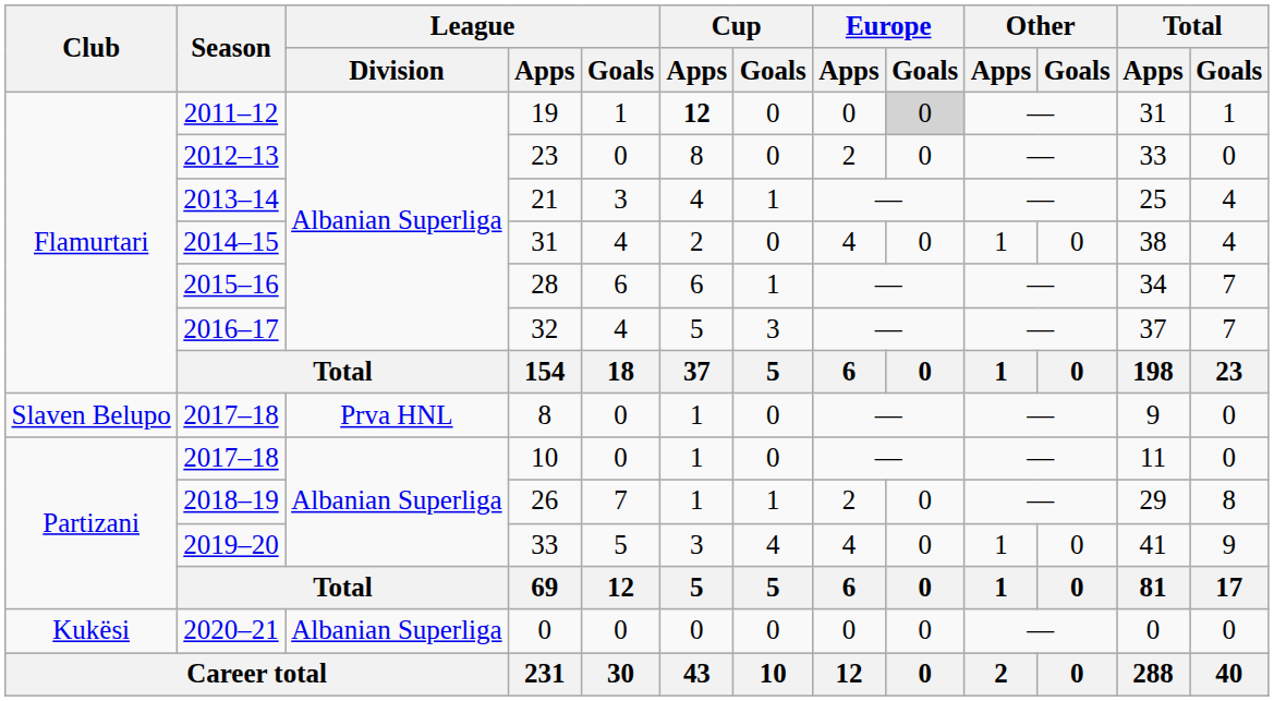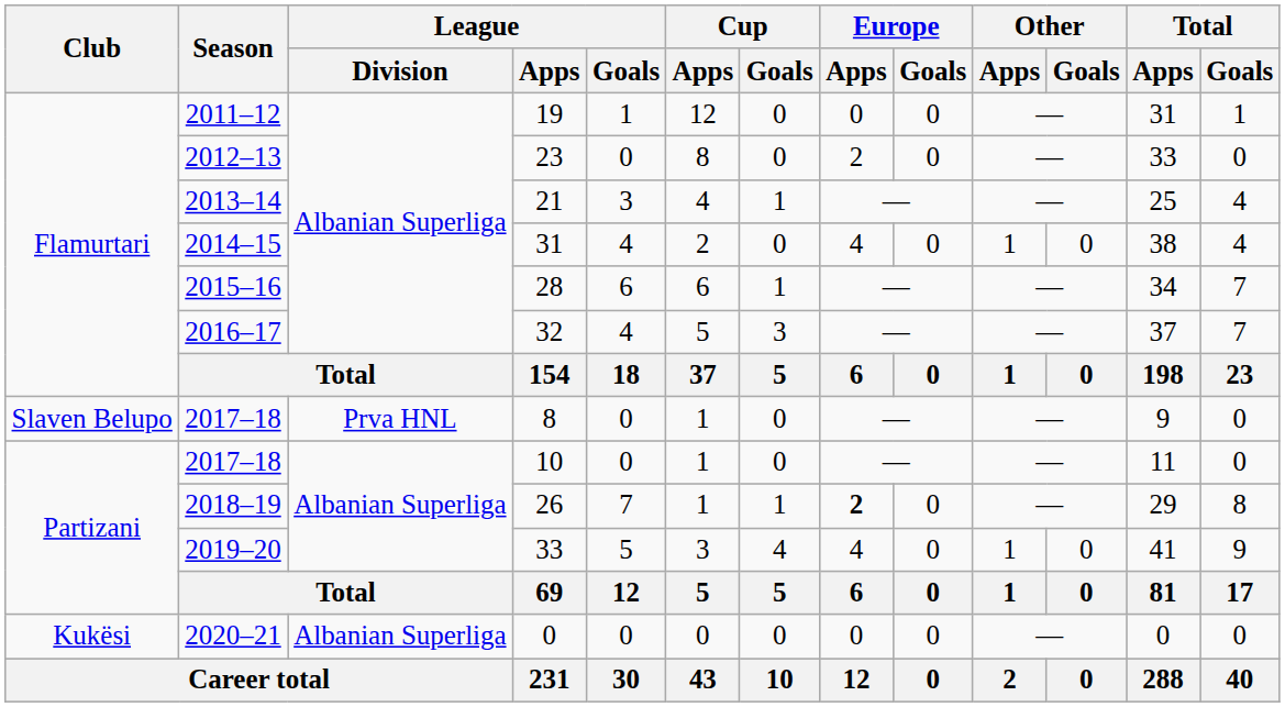 <table class="wikitable" style="text-align: center;">
 <tr>
 <th rowspan="2">Club</th>
 <th rowspan="2">Season</th>
 <th colspan="3">League</th>
 <th colspan="2">Cup</th>
 <th colspan="2"><a href='#'>Europe</a></th>
 <th colspan="2">Other</th>
 <th colspan="2">Total</th>
 </tr>
 <tr>
 <th>Division</th>
 <th>Apps</th>
 <th>Goals</th>
 <th>Apps</th>
 <th>Goals</th>
 <th>Apps</th>
 <th>Goals</th>
 <th>Apps</th>
 <th>Goals</th>
 <th>Apps</th>
 <th>Goals</th>
 </tr>
 <tr>
 <td rowspan="7"><a href='#'>Flamurtari</a></td>
 <td><a href='#'>2011–12</a></td>
 <td rowspan="6"><a href='#'>Albanian Superliga</a></td>
 <td>19</td>
 <td>1</td>
-<td><strong>12</strong></td>
+<td>12</td>
 <td>0</td>
 <td>0</td>
-<td style="background: lightgrey;">0</td>
+<td>0</td>
 <td colspan="2">—</td>
 <td>31</td>
 <td>1</td>
 </tr>
 <tr>
 <td><a href='#'>2012–13</a></td>
 <td>23</td>
 <td>0</td>
 <td>8</td>
 <td>0</td>
 <td>2</td>
 <td>0</td>
 <td colspan="2">—</td>
 <td>33</td>
 <td>0</td>
 </tr>
 <tr>
 <td><a href='#'>2013–14</a></td>
 <td>21</td>
 <td>3</td>
 <td>4</td>
 <td>1</td>
 <td colspan="2">—</td>
 <td colspan="2">—</td>
 <td>25</td>
 <td>4</td>
 </tr>
 <tr>
 <td><a href='#'>2014–15</a></td>
 <td>31</td>
 <td>4</td>
 <td>2</td>
 <td>0</td>
 <td>4</td>
 <td>0</td>
 <td>1</td>
 <td>0</td>
 <td>38</td>
 <td>4</td>
 </tr>
 <tr>
 <td><a href='#'>2015–16</a></td>
 <td>28</td>
 <td>6</td>
 <td>6</td>
 <td>1</td>
 <td colspan="2">—</td>
 <td colspan="2">—</td>
 <td>34</td>
 <td>7</td>
 </tr>
 <tr>
 <td><a href='#'>2016–17</a></td>
 <td>32</td>
 <td>4</td>
 <td>5</td>
 <td>3</td>
 <td colspan="2">—</td>
 <td colspan="2">—</td>
 <td>37</td>
 <td>7</td>
 </tr>
 <tr>
 <th colspan="2">Total</th>
 <th>154</th>
 <th>18</th>
 <th>37</th>
 <th>5</th>
 <th>6</th>
 <th>0</th>
 <th>1</th>
 <th>0</th>
 <th>198</th>
 <th>23</th>
 </tr>
 <tr>
 <td rowspan="1"><a href='#'>Slaven Belupo</a></td>
 <td><a href='#'>2017–18</a></td>
 <td rowspan="1"><a href='#'>Prva HNL</a></td>
 <td>8</td>
 <td>0</td>
 <td>1</td>
 <td>0</td>
 <td colspan="2">—</td>
 <td colspan="2">—</td>
 <td>9</td>
 <td>0</td>
 </tr>
 <tr>
 <td rowspan="4"><a href='#'>Partizani</a></td>
 <td><a href='#'>2017–18</a></td>
 <td rowspan="3"><a href='#'>Albanian Superliga</a></td>
 <td>10</td>
 <td>0</td>
 <td>1</td>
 <td>0</td>
 <td colspan="2">—</td>
 <td colspan="2">—</td>
 <td>11</td>
 <td>0</td>
 </tr>
 <tr>
 <td><a href='#'>2018–19</a></td>
 <td>26</td>
 <td>7</td>
 <td>1</td>
 <td>1</td>
-<td>2</td>
+<td><strong>2</strong></td>
 <td>0</td>
 <td colspan="2">—</td>
 <td>29</td>
 <td>8</td>
 </tr>
 <tr>
 <td><a href='#'>2019–20</a></td>
 <td>33</td>
 <td>5</td>
 <td>3</td>
 <td>4</td>
 <td>4</td>
 <td>0</td>
 <td>1</td>
 <td>0</td>
 <td>41</td>
 <td>9</td>
 </tr>
 <tr>
 <th colspan="2">Total</th>
 <th>69</th>
 <th>12</th>
 <th>5</th>
 <th>5</th>
 <th>6</th>
 <th>0</th>
 <th>1</th>
 <th>0</th>
 <th>81</th>
 <th>17</th>
 </tr>
 <tr>
 <td rowspan="1"><a href='#'>Kukësi</a></td>
 <td><a href='#'>2020–21</a></td>
 <td rowspan="1"><a href='#'>Albanian Superliga</a></td>
 <td>0</td>
 <td>0</td>
 <td>0</td>
 <td>0</td>
 <td>0</td>
 <td>0</td>
 <td colspan="2">—</td>
 <td>0</td>
 <td>0</td>
 </tr>
 <tr>
 <th colspan="3">Career total</th>
 <th>231</th>
 <th>30</th>
 <th>43</th>
 <th>10</th>
 <th>12</th>
 <th>0</th>
 <th>2</th>
 <th>0</th>
 <th>288</th>
 <th>40</th>
 </tr>
 </table>
